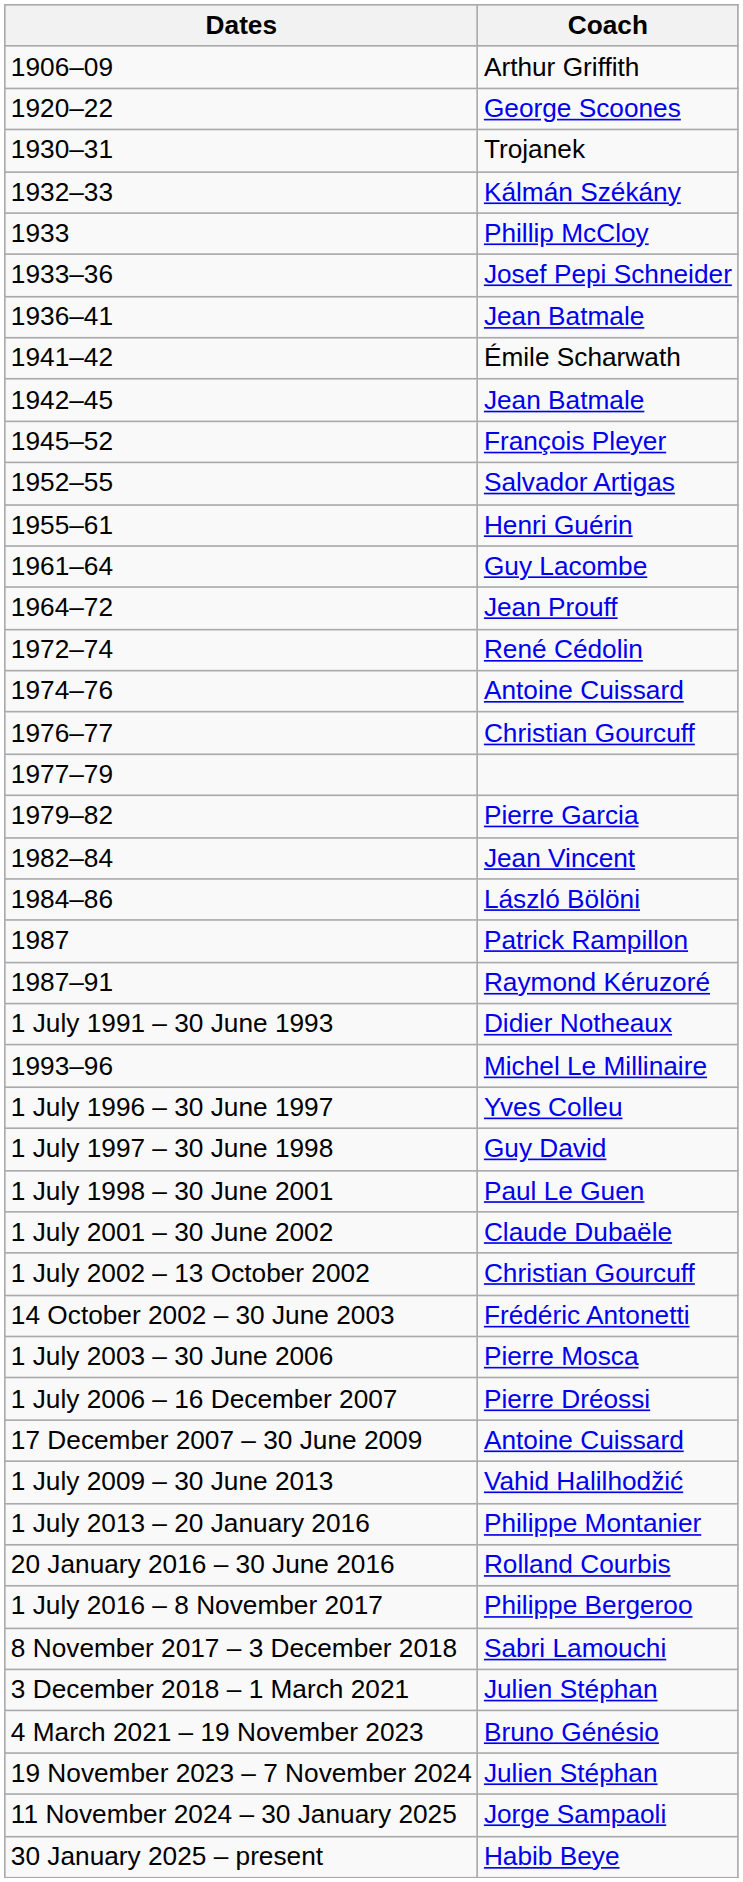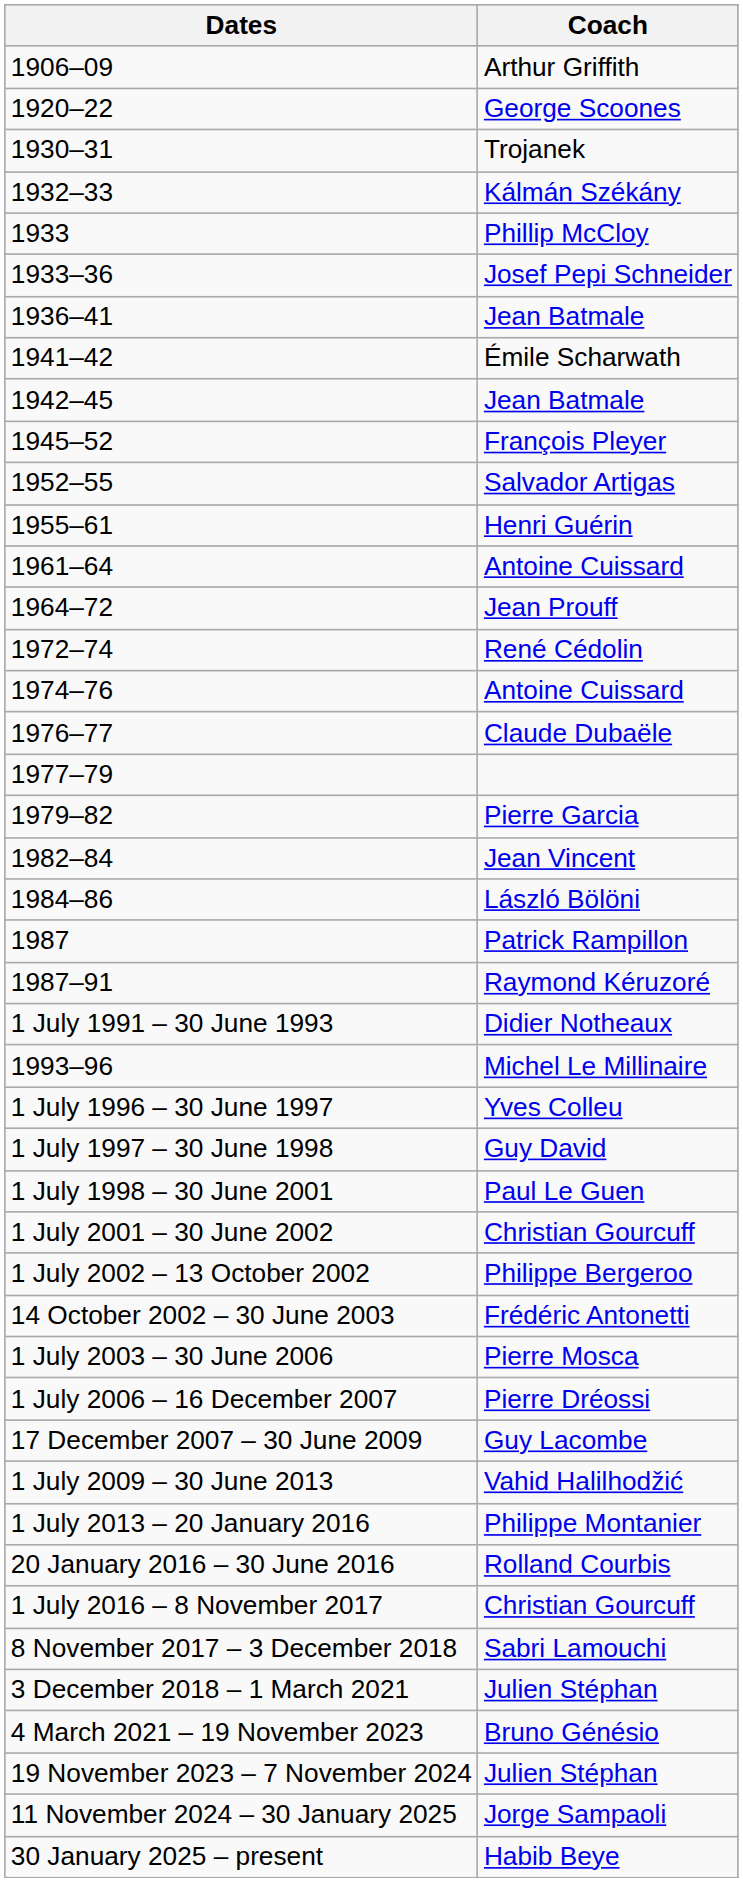 <table class="wikitable">
 <tr>
 <th>Dates</th>
 <th>Coach</th>
 </tr>
 <tr>
 <td>1906–09</td>
 <td>Arthur Griffith</td>
 </tr>
 <tr>
 <td>1920–22</td>
 <td><a href='#'>George Scoones</a></td>
 </tr>
 <tr>
 <td>1930–31</td>
 <td>Trojanek</td>
 </tr>
 <tr>
 <td>1932–33</td>
 <td><a href='#'>Kálmán Székány</a></td>
 </tr>
 <tr>
 <td>1933</td>
 <td><a href='#'>Phillip McCloy</a></td>
 </tr>
 <tr>
 <td>1933–36</td>
 <td><a href='#'>Josef Pepi Schneider</a></td>
 </tr>
 <tr>
 <td>1936–41</td>
 <td><a href='#'>Jean Batmale</a></td>
 </tr>
 <tr>
 <td>1941–42</td>
 <td>Émile Scharwath</td>
 </tr>
 <tr>
 <td>1942–45</td>
 <td><a href='#'>Jean Batmale</a></td>
 </tr>
 <tr>
 <td>1945–52</td>
 <td><a href='#'>François Pleyer</a></td>
 </tr>
 <tr>
 <td>1952–55</td>
 <td><a href='#'>Salvador Artigas</a></td>
 </tr>
 <tr>
 <td>1955–61</td>
 <td><a href='#'>Henri Guérin</a></td>
 </tr>
 <tr>
 <td>1961–64</td>
-<td><a href='#'>Guy Lacombe</a></td>
+<td><a href='#'>Antoine Cuissard</a></td>
 </tr>
 <tr>
 <td>1964–72</td>
 <td><a href='#'>Jean Prouff</a></td>
 </tr>
 <tr>
 <td>1972–74</td>
 <td><a href='#'>René Cédolin</a></td>
 </tr>
 <tr>
 <td>1974–76</td>
 <td><a href='#'>Antoine Cuissard</a></td>
 </tr>
 <tr>
 <td>1976–77</td>
-<td><a href='#'>Christian Gourcuff</a></td>
+<td><a href='#'>Claude Dubaële</a></td>
 </tr>
 <tr>
 <td>1977–79</td>
 <td></td>
 </tr>
 <tr>
 <td>1979–82</td>
 <td><a href='#'>Pierre Garcia</a></td>
 </tr>
 <tr>
 <td>1982–84</td>
 <td><a href='#'>Jean Vincent</a></td>
 </tr>
 <tr>
 <td>1984–86</td>
 <td><a href='#'>László Bölöni</a></td>
 </tr>
 <tr>
 <td>1987</td>
 <td><a href='#'>Patrick Rampillon</a></td>
 </tr>
 <tr>
 <td>1987–91</td>
 <td><a href='#'>Raymond Kéruzoré</a></td>
 </tr>
 <tr>
 <td>1 July 1991 – 30 June 1993</td>
 <td><a href='#'>Didier Notheaux</a></td>
 </tr>
 <tr>
 <td>1993–96</td>
 <td><a href='#'>Michel Le Millinaire</a></td>
 </tr>
 <tr>
 <td>1 July 1996 – 30 June 1997</td>
 <td><a href='#'>Yves Colleu</a></td>
 </tr>
 <tr>
 <td>1 July 1997 – 30 June 1998</td>
 <td><a href='#'>Guy David</a></td>
 </tr>
 <tr>
 <td>1 July 1998 – 30 June 2001</td>
 <td><a href='#'>Paul Le Guen</a></td>
 </tr>
 <tr>
 <td>1 July 2001 – 30 June 2002</td>
-<td><a href='#'>Claude Dubaële</a></td>
+<td><a href='#'>Christian Gourcuff</a></td>
 </tr>
 <tr>
 <td>1 July 2002 – 13 October 2002</td>
-<td><a href='#'>Christian Gourcuff</a></td>
+<td><a href='#'>Philippe Bergeroo</a></td>
 </tr>
 <tr>
 <td>14 October 2002 – 30 June 2003</td>
 <td><a href='#'>Frédéric Antonetti</a></td>
 </tr>
 <tr>
 <td>1 July 2003 – 30 June 2006</td>
 <td><a href='#'>Pierre Mosca</a></td>
 </tr>
 <tr>
 <td>1 July 2006 – 16 December 2007</td>
 <td><a href='#'>Pierre Dréossi</a></td>
 </tr>
 <tr>
 <td>17 December 2007 – 30 June 2009</td>
-<td><a href='#'>Antoine Cuissard</a></td>
+<td><a href='#'>Guy Lacombe</a></td>
 </tr>
 <tr>
 <td>1 July 2009 – 30 June 2013</td>
 <td><a href='#'>Vahid Halilhodžić</a></td>
 </tr>
 <tr>
 <td>1 July 2013 – 20 January 2016</td>
 <td><a href='#'>Philippe Montanier</a></td>
 </tr>
 <tr>
 <td>20 January 2016 – 30 June 2016</td>
 <td><a href='#'>Rolland Courbis</a></td>
 </tr>
 <tr>
 <td>1 July 2016 – 8 November 2017</td>
-<td><a href='#'>Philippe Bergeroo</a></td>
+<td><a href='#'>Christian Gourcuff</a></td>
 </tr>
 <tr>
 <td>8 November 2017 – 3 December 2018</td>
 <td><a href='#'>Sabri Lamouchi</a></td>
 </tr>
 <tr>
 <td>3 December 2018 – 1 March 2021</td>
 <td><a href='#'>Julien Stéphan</a></td>
 </tr>
 <tr>
 <td>4 March 2021 – 19 November 2023</td>
 <td><a href='#'>Bruno Génésio</a></td>
 </tr>
 <tr>
 <td>19 November 2023 – 7 November 2024</td>
 <td><a href='#'>Julien Stéphan</a></td>
 </tr>
 <tr>
 <td>11 November 2024 – 30 January 2025</td>
 <td><a href='#'>Jorge Sampaoli</a></td>
 </tr>
 <tr>
 <td>30 January 2025 – present</td>
 <td><a href='#'>Habib Beye</a></td>
 </tr>
 </table>
